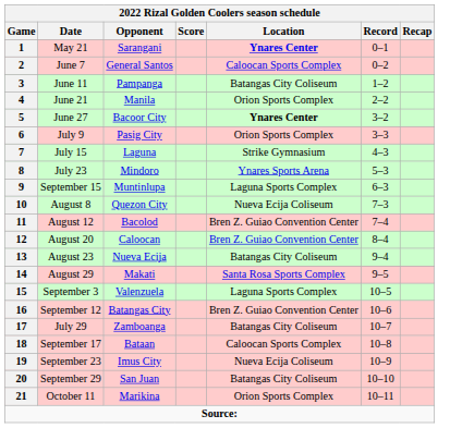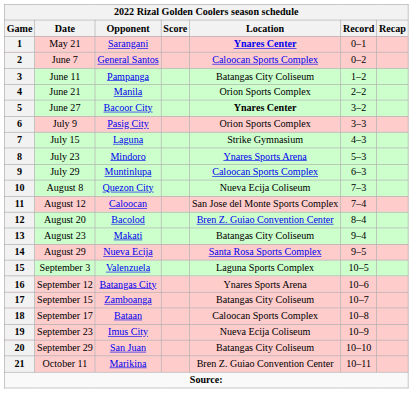 <table class="wikitable" style="text-align:center">
 <tr>
 <th colspan=7>2022 Rizal Golden Coolers season schedule</th>
 </tr>
 <tr>
 <th>Game</th>
 <th>Date</th>
 <th>Opponent</th>
 <th>Score</th>
 <th>Location</th>
 <th>Record</th>
 <th>Recap<br></th>
 </tr>
 <tr style="background:#fcc">
 <th>1</th>
 <td>May 21</td>
 <td><a href='#'>Sarangani</a></td>
 <td></td>
 <td><strong><a href='#'>Ynares Center</a></strong></td>
 <td>0–1</td>
 <td></td>
 </tr>
 <tr style="background:#fcc">
 <th>2</th>
 <td>June 7</td>
 <td><a href='#'>General Santos</a></td>
 <td></td>
 <td><a href='#'>Caloocan Sports Complex</a></td>
 <td>0–2</td>
 <td></td>
 </tr>
 <tr style="background:#cfc">
 <th>3</th>
 <td>June 11</td>
 <td><a href='#'>Pampanga</a></td>
 <td></td>
 <td>Batangas City Coliseum</td>
 <td>1–2</td>
 <td></td>
 </tr>
 <tr style="background:#cfc">
 <th>4</th>
 <td>June 21</td>
 <td><a href='#'>Manila</a></td>
 <td></td>
 <td>Orion Sports Complex</td>
 <td>2–2</td>
 <td></td>
 </tr>
 <tr style="background:#cfc">
 <th>5</th>
 <td>June 27</td>
 <td><a href='#'>Bacoor City</a></td>
 <td></td>
 <td><strong>Ynares Center</strong></td>
 <td>3–2</td>
 <td></td>
 </tr>
 <tr style="background:#fcc">
 <th>6</th>
 <td>July 9</td>
 <td><a href='#'>Pasig City</a></td>
 <td></td>
 <td>Orion Sports Complex</td>
 <td>3–3</td>
 <td></td>
 </tr>
 <tr style="background:#cfc">
 <th>7</th>
 <td>July 15</td>
 <td><a href='#'>Laguna</a></td>
 <td></td>
 <td>Strike Gymnasium</td>
 <td>4–3</td>
 <td><br></td>
 </tr>
 <tr style="background:#cfc">
 <th>8</th>
 <td>July 23</td>
 <td><a href='#'>Mindoro</a></td>
 <td></td>
 <td><a href='#'>Ynares Sports Arena</a></td>
 <td>5–3</td>
 <td></td>
 </tr>
 <tr style="background:#cfc">
 <th>9</th>
-<td>September 15</td>
+<td>July 29</td>
 <td><a href='#'>Muntinlupa</a></td>
 <td></td>
-<td>Laguna Sports Complex</td>
+<td><a href='#'>Caloocan Sports Complex</a></td>
 <td>6–3</td>
 <td></td>
 </tr>
 <tr style="background:#cfc">
 <th>10</th>
 <td>August 8</td>
 <td><a href='#'>Quezon City</a></td>
 <td></td>
 <td>Nueva Ecija Coliseum</td>
 <td>7–3</td>
 <td></td>
 </tr>
 <tr style="background:#fcc">
 <th>11</th>
 <td>August 12</td>
-<td><a href='#'>Bacolod</a></td>
+<td><a href='#'>Caloocan</a></td>
 <td></td>
-<td>Bren Z. Guiao Convention Center</td>
+<td>San Jose del Monte Sports Complex</td>
 <td>7–4</td>
 <td></td>
 </tr>
 <tr style="background:#cfc">
 <th>12</th>
 <td>August 20</td>
-<td><a href='#'>Caloocan</a></td>
+<td><a href='#'>Bacolod</a></td>
 <td></td>
 <td><a href='#'>Bren Z. Guiao Convention Center</a></td>
 <td>8–4</td>
 <td></td>
 </tr>
 <tr style="background:#cfc">
 <th>13</th>
 <td>August 23</td>
-<td><a href='#'>Nueva Ecija</a></td>
+<td><a href='#'>Makati</a></td>
 <td></td>
 <td>Batangas City Coliseum</td>
 <td>9–4</td>
 <td></td>
 </tr>
 <tr style="background:#fcc">
 <th>14</th>
 <td>August 29</td>
-<td><a href='#'>Makati</a></td>
+<td><a href='#'>Nueva Ecija</a></td>
 <td></td>
 <td><a href='#'>Santa Rosa Sports Complex</a></td>
 <td>9–5</td>
 <td><br></td>
 </tr>
 <tr style="background:#cfc">
 <th>15</th>
 <td>September 3</td>
 <td><a href='#'>Valenzuela</a></td>
 <td></td>
 <td>Laguna Sports Complex</td>
 <td>10–5</td>
 <td></td>
 </tr>
 <tr style="background:#fcc">
 <th>16</th>
 <td>September 12</td>
 <td><a href='#'>Batangas City</a></td>
 <td></td>
-<td>Bren Z. Guiao Convention Center</td>
+<td>Ynares Sports Arena</td>
 <td>10–6</td>
 <td></td>
 </tr>
 <tr style="background:#fcc">
 <th>17</th>
-<td>July 29</td>
+<td>September 15</td>
 <td><a href='#'>Zamboanga</a></td>
 <td></td>
 <td>Batangas City Coliseum</td>
 <td>10–7</td>
 <td></td>
 </tr>
 <tr style="background:#fcc">
 <th>18</th>
 <td>September 17</td>
 <td><a href='#'>Bataan</a></td>
 <td></td>
 <td>Caloocan Sports Complex</td>
 <td>10–8</td>
 <td></td>
 </tr>
 <tr style="background:#fcc">
 <th>19</th>
 <td>September 23</td>
 <td><a href='#'>Imus City</a></td>
 <td></td>
 <td>Nueva Ecija Coliseum</td>
 <td>10–9</td>
 <td></td>
 </tr>
 <tr style="background:#fcc">
 <th>20</th>
 <td>September 29</td>
 <td><a href='#'>San Juan</a></td>
 <td></td>
 <td>Batangas City Coliseum</td>
 <td>10–10</td>
 <td></td>
 </tr>
 <tr style="background:#fcc">
 <th>21</th>
 <td>October 11</td>
 <td><a href='#'>Marikina</a></td>
 <td></td>
-<td>Orion Sports Complex</td>
+<td>Bren Z. Guiao Convention Center</td>
 <td>10–11</td>
 <td></td>
 </tr>
 <tr>
 <td colspan=7 align=center><strong>Source: </strong></td>
 </tr>
 </table>
